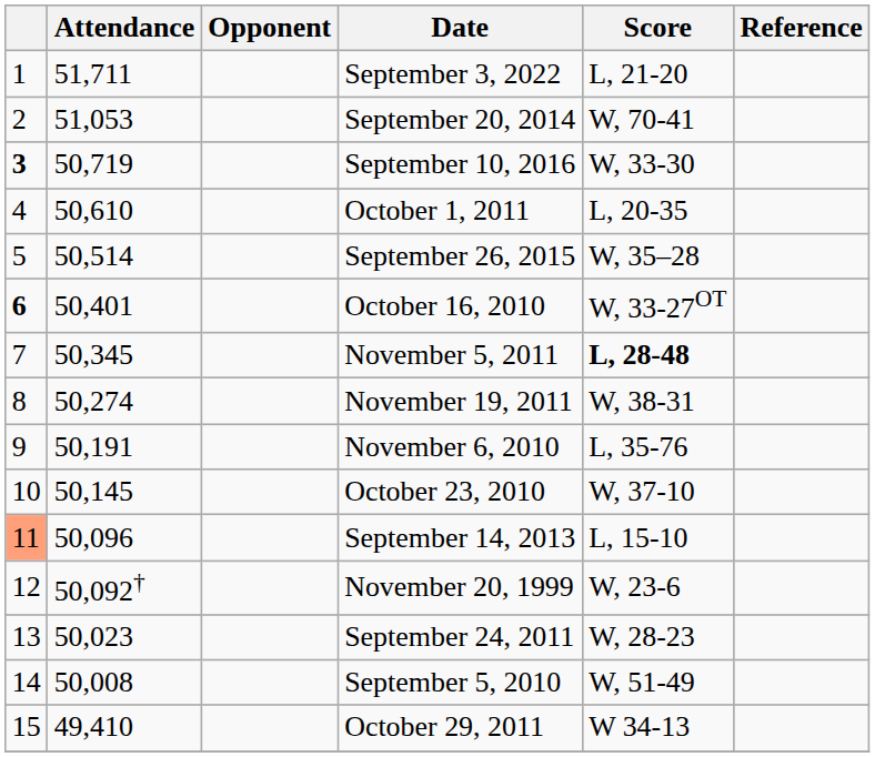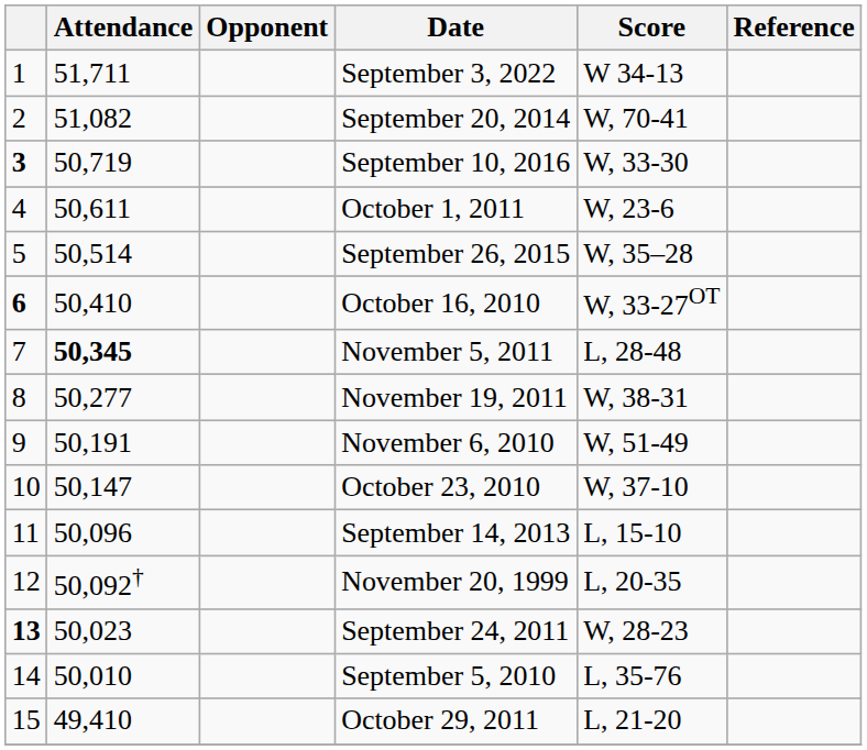 <table class="wikitable sortable">
 <tr>
 <th></th>
 <th>Attendance</th>
 <th>Opponent</th>
 <th>Date</th>
 <th>Score</th>
 <th>Reference</th>
 </tr>
 <tr>
 <td>1</td>
 <td>51,711</td>
 <td></td>
 <td>September 3, 2022</td>
-<td>L, 21-20</td>
+<td>W 34-13</td>
 <td></td>
 </tr>
 <tr>
 <td>2</td>
-<td>51,053</td>
+<td>51,082</td>
 <td></td>
 <td>September 20, 2014</td>
 <td>W, 70-41</td>
 <td></td>
 </tr>
 <tr>
 <td><strong>3</strong></td>
 <td>50,719</td>
 <td></td>
 <td>September 10, 2016</td>
 <td>W, 33-30</td>
 <td></td>
 </tr>
 <tr>
 <td>4</td>
-<td>50,610</td>
+<td>50,611</td>
 <td></td>
 <td>October 1, 2011</td>
-<td>L, 20-35</td>
+<td>W, 23-6</td>
 <td></td>
 </tr>
 <tr>
 <td>5</td>
 <td>50,514</td>
 <td></td>
 <td>September 26, 2015</td>
 <td>W, 35–28</td>
 <td></td>
 </tr>
 <tr>
 <td><strong>6</strong></td>
-<td>50,401</td>
+<td>50,410</td>
 <td></td>
 <td>October 16, 2010</td>
 <td>W, 33-27<sup>OT</sup></td>
 <td></td>
 </tr>
 <tr>
 <td>7</td>
-<td>50,345</td>
+<td><strong>50,345</strong></td>
 <td></td>
 <td>November 5, 2011</td>
-<td><strong>L, 28-48</strong></td>
+<td>L, 28-48</td>
 <td></td>
 </tr>
 <tr>
 <td>8</td>
-<td>50,274</td>
+<td>50,277</td>
 <td></td>
 <td>November 19, 2011</td>
 <td>W, 38-31</td>
 <td></td>
 </tr>
 <tr>
 <td>9</td>
 <td>50,191</td>
 <td></td>
 <td>November 6, 2010</td>
-<td>L, 35-76</td>
+<td>W, 51-49</td>
 <td></td>
 </tr>
 <tr>
 <td>10</td>
-<td>50,145</td>
+<td>50,147</td>
 <td></td>
 <td>October 23, 2010</td>
 <td>W, 37-10</td>
 <td></td>
 </tr>
 <tr>
-<td style="background: lightsalmon;">11</td>
+<td>11</td>
 <td>50,096</td>
 <td></td>
 <td>September 14, 2013</td>
 <td>L, 15-10</td>
 <td></td>
 </tr>
 <tr>
 <td>12</td>
 <td>50,092<sup>†</sup></td>
 <td></td>
 <td>November 20, 1999</td>
-<td>W, 23-6</td>
+<td>L, 20-35</td>
 <td></td>
 </tr>
 <tr>
-<td>13</td>
+<td><strong>13</strong></td>
 <td>50,023</td>
 <td></td>
 <td>September 24, 2011</td>
 <td>W, 28-23</td>
 <td></td>
 </tr>
 <tr>
 <td>14</td>
-<td>50,008</td>
+<td>50,010</td>
 <td></td>
 <td>September 5, 2010</td>
-<td>W, 51-49</td>
+<td>L, 35-76</td>
 <td></td>
 </tr>
 <tr>
 <td>15</td>
 <td>49,410</td>
 <td></td>
 <td>October 29, 2011</td>
-<td>W 34-13</td>
+<td>L, 21-20</td>
 <td></td>
 </tr>
 <tr>
 </tr>
 </table>
